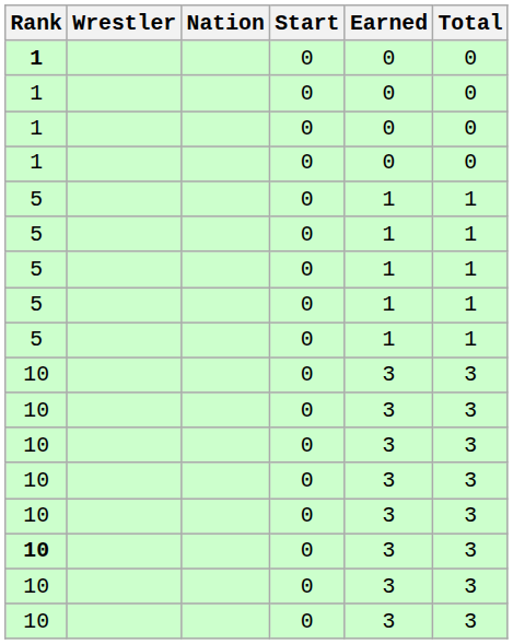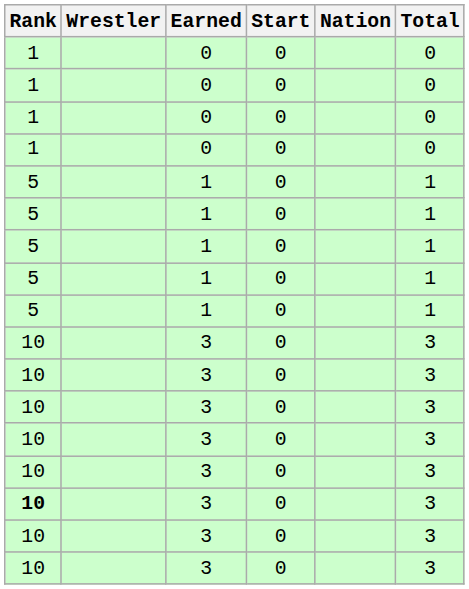 <table class="wikitable sortable" style="text-align:center;">
 <tr>
 <th>Rank</th>
 <th>Wrestler</th>
+<th>Earned</th>
+<th>Start</th>
 <th>Nation</th>
-<th>Start</th>
-<th>Earned</th>
 <th>Total</th>
 </tr>
 <tr style="background:#cfc;">
-<td><strong>1</strong></td>
-<td align=left></td>
+<td>1</td>
 <td align=left></td>
 <td>0</td>
 <td>0</td>
+<td align=left></td>
 <td>0</td>
 </tr>
 <tr style="background:#cfc;">
 <td>1</td>
 <td align=left></td>
-<td align=left></td>
 <td>0</td>
 <td>0</td>
+<td align=left></td>
 <td>0</td>
 </tr>
 <tr style="background:#cfc;">
 <td>1</td>
 <td align=left></td>
-<td align=left></td>
 <td>0</td>
 <td>0</td>
+<td align=left></td>
 <td>0</td>
 </tr>
 <tr style="background:#cfc;">
 <td>1</td>
 <td align=left></td>
-<td align=left></td>
 <td>0</td>
 <td>0</td>
+<td align=left></td>
 <td>0</td>
 </tr>
 <tr style="background:#cfc;">
 <td>5</td>
 <td align=left></td>
+<td>1</td>
+<td>0</td>
 <td align=left></td>
-<td>0</td>
-<td>1</td>
 <td>1</td>
 </tr>
 <tr style="background:#cfc;">
 <td>5</td>
 <td align=left></td>
+<td>1</td>
+<td>0</td>
 <td align=left></td>
-<td>0</td>
-<td>1</td>
 <td>1</td>
 </tr>
 <tr style="background:#cfc;">
 <td>5</td>
 <td align=left></td>
+<td>1</td>
+<td>0</td>
 <td align=left></td>
-<td>0</td>
-<td>1</td>
 <td>1</td>
 </tr>
 <tr style="background:#cfc;">
 <td>5</td>
 <td align=left></td>
+<td>1</td>
+<td>0</td>
 <td align=left></td>
-<td>0</td>
-<td>1</td>
 <td>1</td>
 </tr>
 <tr style="background:#cfc;">
 <td>5</td>
 <td align=left></td>
+<td>1</td>
+<td>0</td>
 <td align=left></td>
-<td>0</td>
-<td>1</td>
 <td>1</td>
 </tr>
 <tr style="background:#cfc;">
 <td>10</td>
 <td align=left></td>
+<td>3</td>
+<td>0</td>
 <td align=left></td>
-<td>0</td>
-<td>3</td>
 <td>3</td>
 </tr>
 <tr style="background:#cfc;">
 <td>10</td>
 <td align=left></td>
+<td>3</td>
+<td>0</td>
 <td align=left></td>
-<td>0</td>
-<td>3</td>
 <td>3</td>
 </tr>
 <tr style="background:#cfc;">
 <td>10</td>
 <td align=left></td>
+<td>3</td>
+<td>0</td>
 <td align=left></td>
-<td>0</td>
-<td>3</td>
 <td>3</td>
 </tr>
 <tr style="background:#cfc;">
 <td>10</td>
 <td align=left></td>
+<td>3</td>
+<td>0</td>
 <td align=left></td>
-<td>0</td>
-<td>3</td>
 <td>3</td>
 </tr>
 <tr style="background:#cfc;">
 <td>10</td>
 <td align=left></td>
+<td>3</td>
+<td>0</td>
 <td align=left></td>
-<td>0</td>
-<td>3</td>
 <td>3</td>
 </tr>
 <tr style="background:#cfc;">
 <td><strong>10</strong></td>
 <td align=left></td>
+<td>3</td>
+<td>0</td>
 <td align=left></td>
-<td>0</td>
-<td>3</td>
 <td>3</td>
 </tr>
 <tr style="background:#cfc;">
 <td>10</td>
 <td align=left></td>
+<td>3</td>
+<td>0</td>
 <td align=left></td>
-<td>0</td>
-<td>3</td>
 <td>3</td>
 </tr>
 <tr style="background:#cfc;">
 <td>10</td>
 <td align=left></td>
+<td>3</td>
+<td>0</td>
 <td align=left></td>
-<td>0</td>
-<td>3</td>
 <td>3</td>
 </tr>
 </table>
